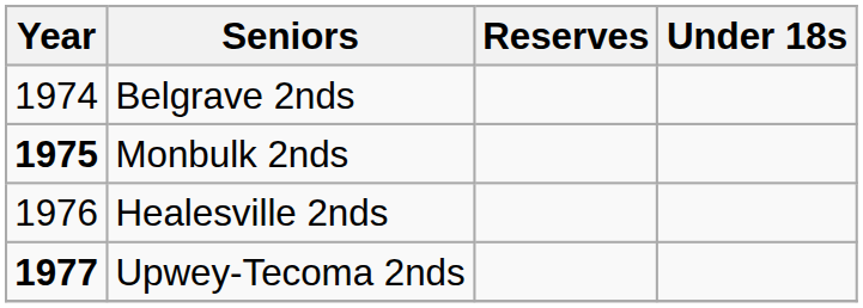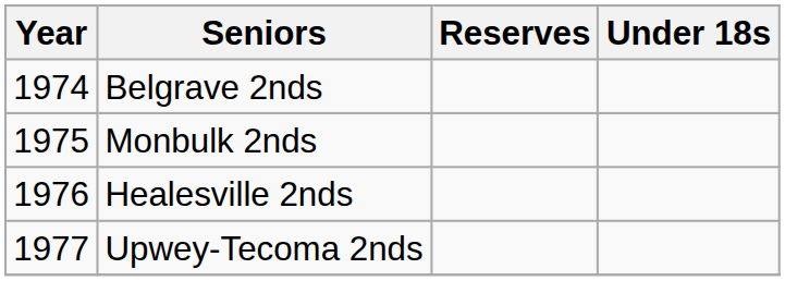 <table class="wikitable" style="font-size: 95%;">
 <tr>
 <th>Year</th>
 <th>Seniors</th>
 <th>Reserves</th>
 <th>Under 18s</th>
 </tr>
 <tr>
 <td>1974</td>
 <td>Belgrave 2nds</td>
 <td></td>
 <td></td>
 </tr>
 <tr>
-<td><strong>1975</strong></td>
+<td>1975</td>
 <td>Monbulk 2nds</td>
 <td></td>
 <td></td>
 </tr>
 <tr>
 <td>1976</td>
 <td>Healesville 2nds</td>
 <td></td>
 <td></td>
 </tr>
 <tr>
-<td><strong>1977</strong></td>
+<td>1977</td>
 <td>Upwey-Tecoma 2nds</td>
 <td></td>
 <td></td>
 </tr>
 <tr>
 </tr>
 </table>
